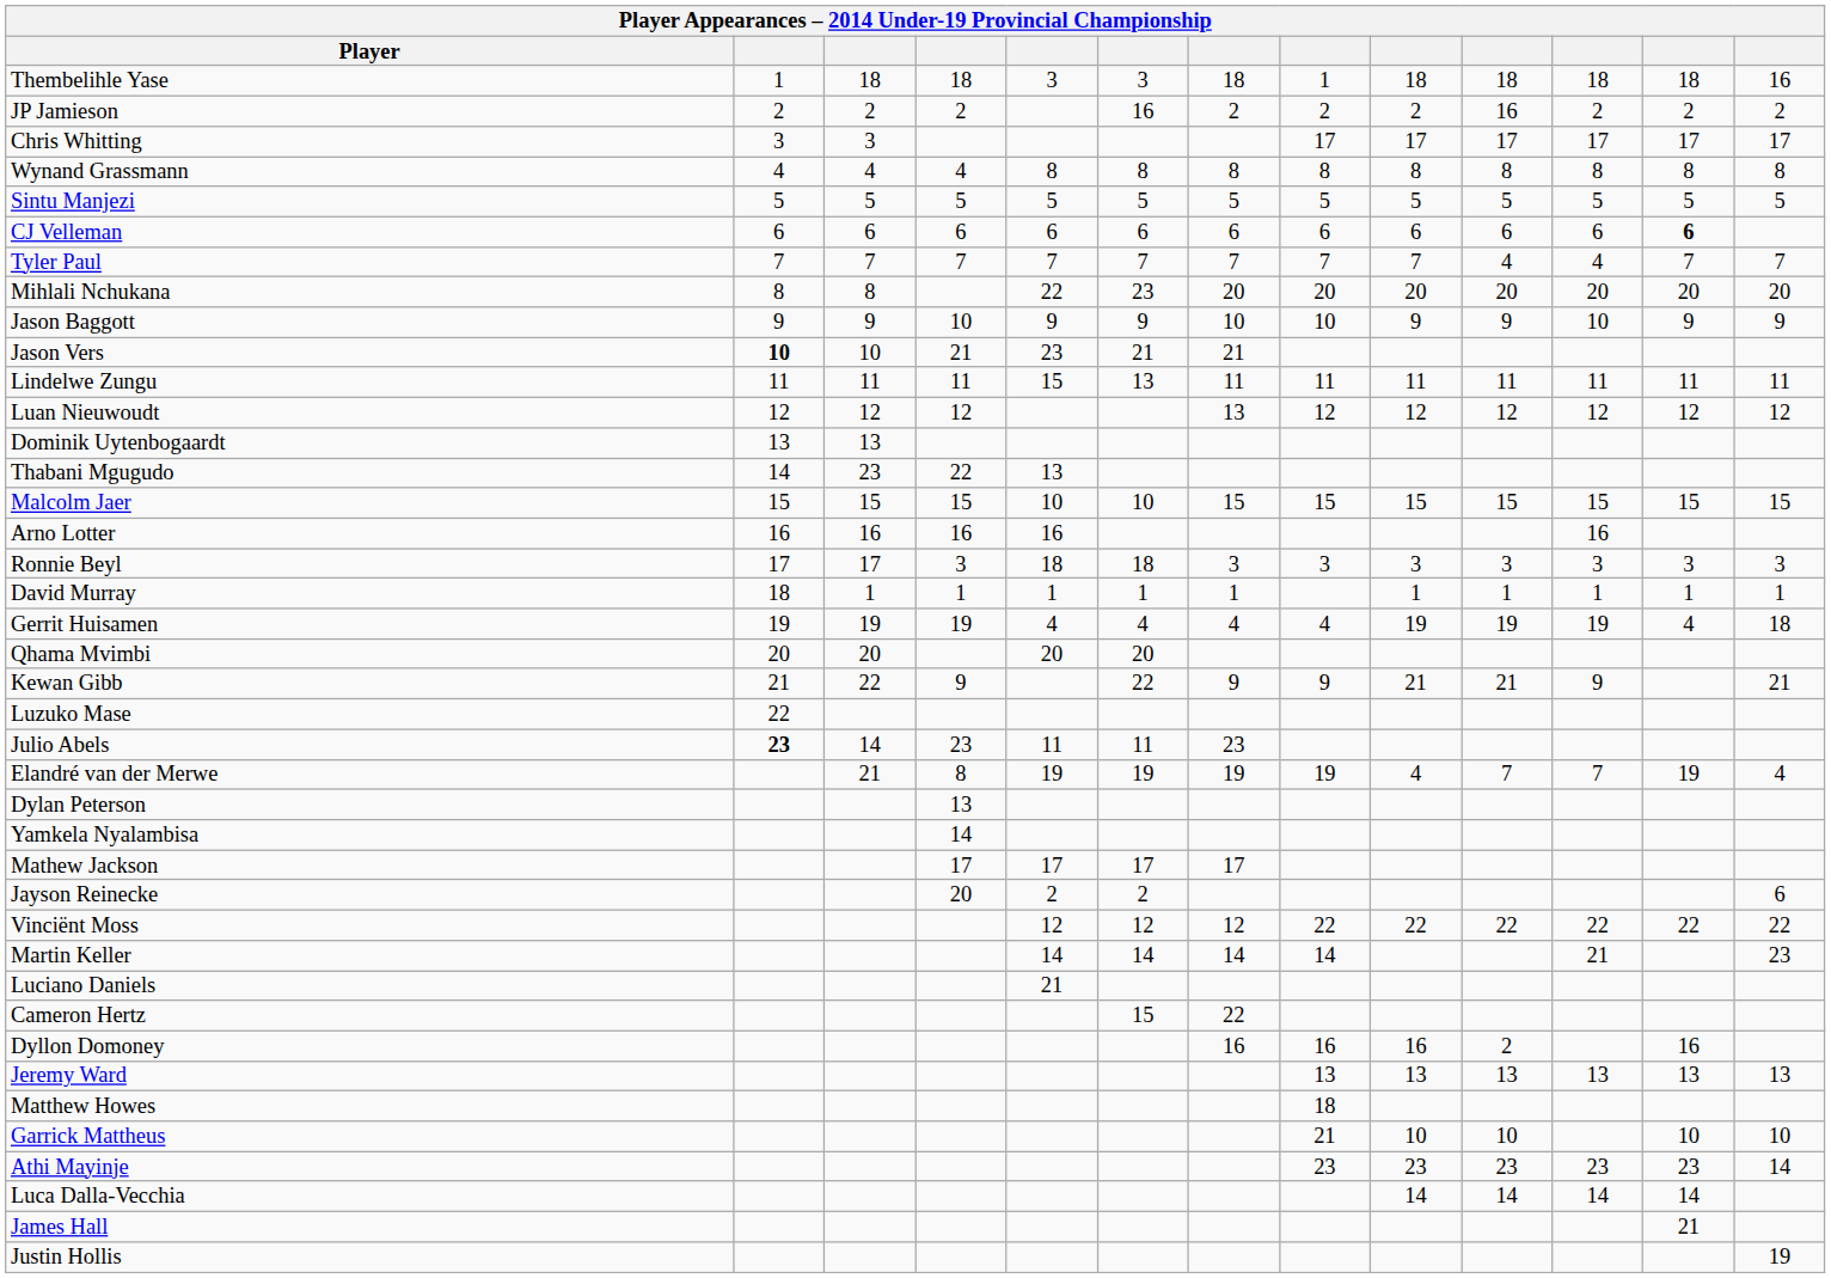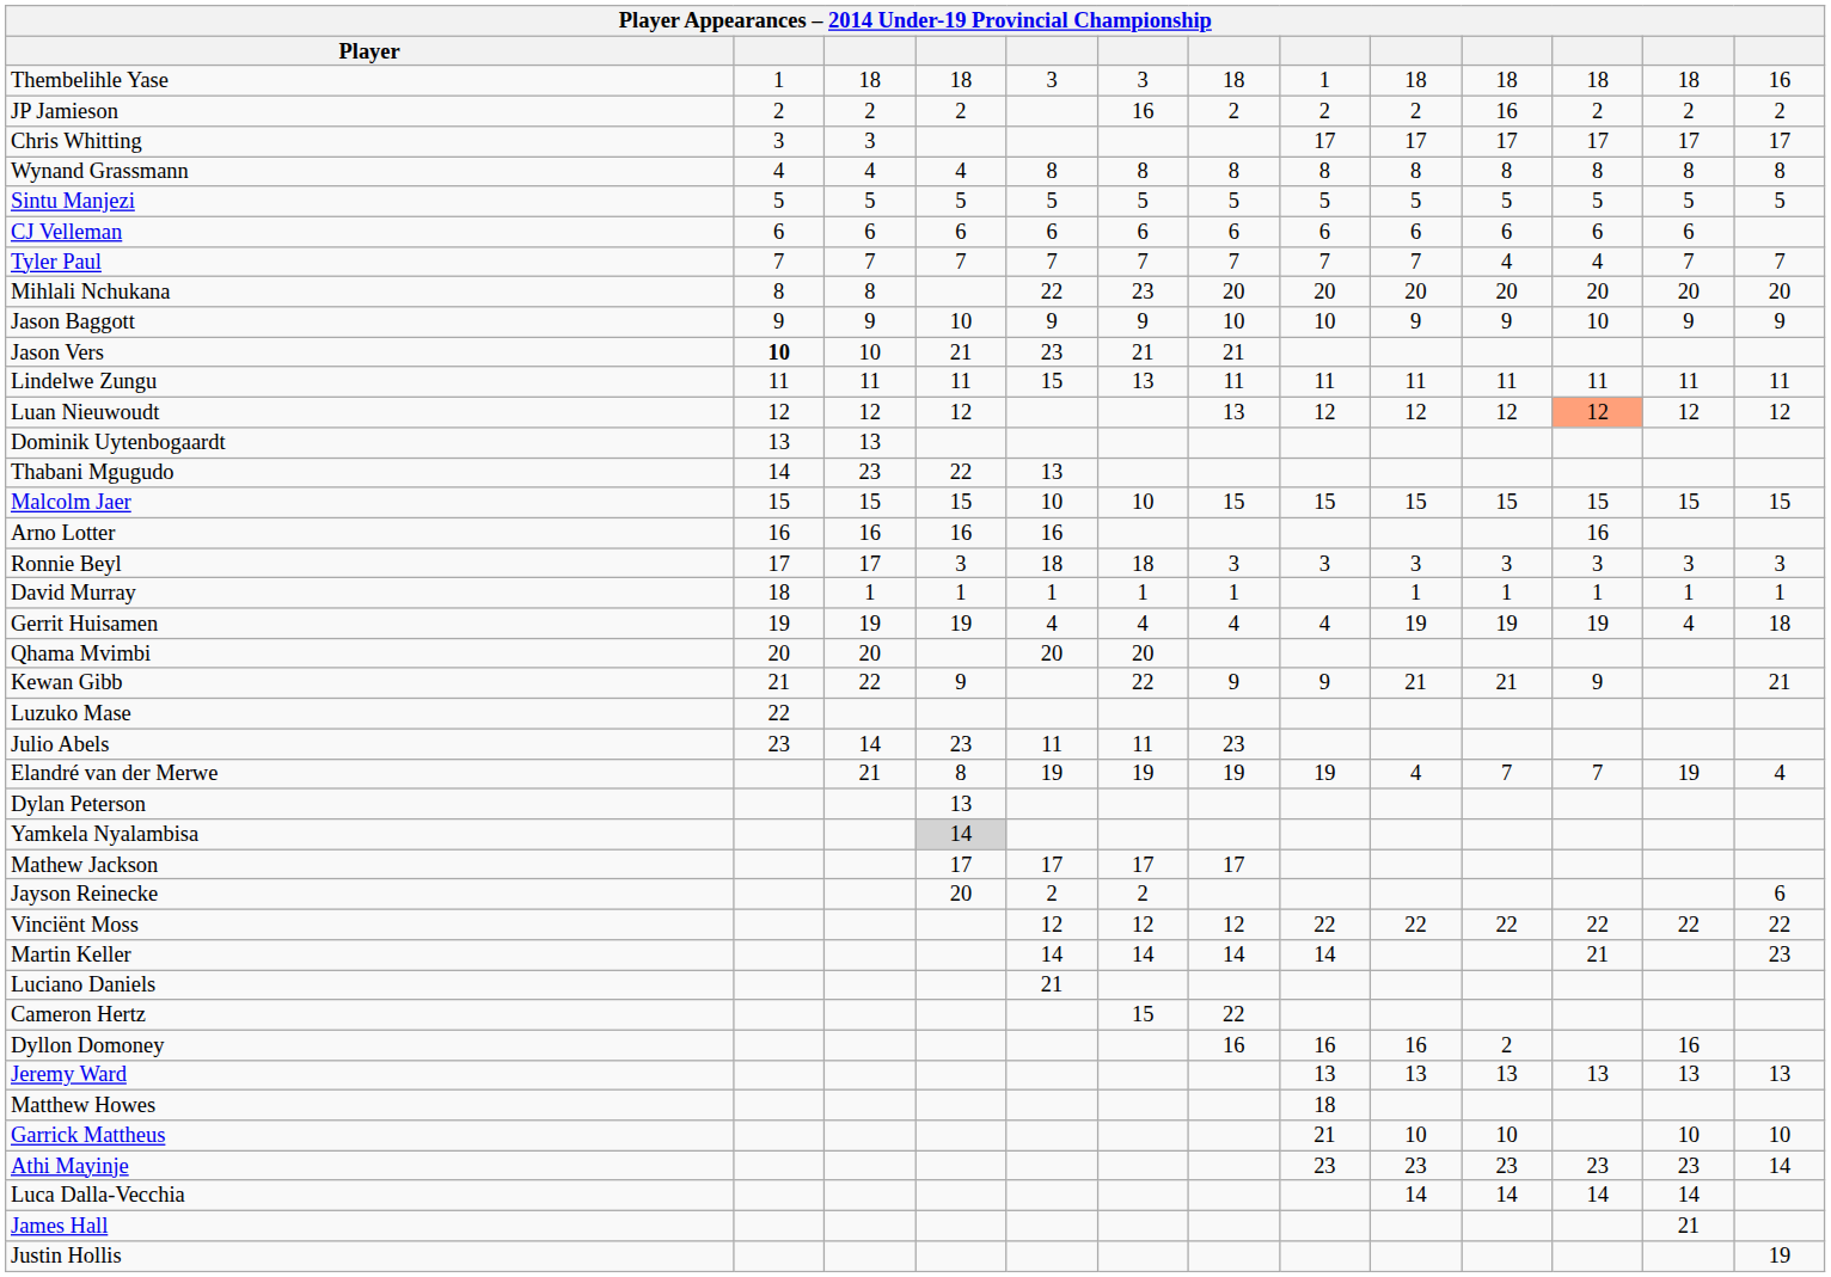 <table class="wikitable sortable"  style="text-align:center; line-height:90%; font-size:90%; width:60%;">
 <tr>
 <th colspan=13>Player Appearances – <a href='#'>2014 Under-19 Provincial Championship</a></th>
 </tr>
 <tr>
 <th style="width:40%;">Player</th>
 <th style="width:5%;"></th>
 <th style="width:5%;"></th>
 <th style="width:5%;"></th>
 <th style="width:5%;"></th>
 <th style="width:5%;"></th>
 <th style="width:5%;"></th>
 <th style="width:5%;"></th>
 <th style="width:5%;"></th>
 <th style="width:5%;"></th>
 <th style="width:5%;"></th>
 <th style="width:5%;"></th>
 <th style="width:5%;"></th>
 </tr>
 <tr>
 <td align=left>Thembelihle Yase</td>
 <td>1</td>
 <td>18 </td>
 <td>18 </td>
 <td>3</td>
 <td>3</td>
 <td>18 </td>
 <td>1</td>
 <td>18 </td>
 <td>18 </td>
 <td>18 </td>
 <td>18 </td>
 <td>16 </td>
 </tr>
 <tr>
 <td align=left>JP Jamieson</td>
 <td>2</td>
 <td>2</td>
 <td>2</td>
 <td></td>
 <td>16 </td>
 <td>2</td>
 <td>2</td>
 <td>2</td>
 <td>16 </td>
 <td>2</td>
 <td>2</td>
 <td>2</td>
 </tr>
 <tr>
 <td align=left>Chris Whitting</td>
 <td>3</td>
 <td>3</td>
 <td></td>
 <td></td>
 <td></td>
 <td></td>
 <td>17</td>
 <td>17 </td>
 <td>17 </td>
 <td>17</td>
 <td>17</td>
 <td>17</td>
 </tr>
 <tr>
 <td align=left>Wynand Grassmann</td>
 <td>4</td>
 <td>4</td>
 <td>4</td>
 <td>8</td>
 <td>8</td>
 <td>8</td>
 <td>8</td>
 <td>8</td>
 <td>8</td>
 <td>8</td>
 <td>8</td>
 <td>8</td>
 </tr>
 <tr>
 <td align=left><a href='#'>Sintu Manjezi</a></td>
 <td>5</td>
 <td>5</td>
 <td>5</td>
 <td>5</td>
 <td>5</td>
 <td>5</td>
 <td>5</td>
 <td>5</td>
 <td>5</td>
 <td>5</td>
 <td>5</td>
 <td>5</td>
 </tr>
 <tr>
 <td align=left><a href='#'>CJ Velleman</a></td>
 <td>6</td>
 <td>6</td>
 <td>6</td>
 <td>6</td>
 <td>6</td>
 <td>6</td>
 <td>6</td>
 <td>6</td>
 <td>6</td>
 <td>6</td>
-<td><strong>6</strong></td>
+<td>6</td>
 <td></td>
 </tr>
 <tr>
 <td align=left><a href='#'>Tyler Paul</a></td>
 <td>7</td>
 <td>7</td>
 <td>7</td>
 <td>7</td>
 <td>7</td>
 <td>7</td>
 <td>7</td>
 <td>7</td>
 <td>4</td>
 <td>4</td>
 <td>7</td>
 <td>7</td>
 </tr>
 <tr>
 <td align=left>Mihlali Nchukana</td>
 <td>8</td>
 <td>8</td>
 <td></td>
 <td>22 </td>
 <td>23 </td>
 <td>20</td>
 <td>20</td>
 <td>20 </td>
 <td>20 </td>
 <td>20</td>
 <td>20 </td>
 <td>20 </td>
 </tr>
 <tr>
 <td align=left>Jason Baggott</td>
 <td>9</td>
 <td>9</td>
 <td>10</td>
 <td>9</td>
 <td>9</td>
 <td>10</td>
 <td>10</td>
 <td>9</td>
 <td>9</td>
 <td>10</td>
 <td>9</td>
 <td>9</td>
 </tr>
 <tr>
 <td align=left>Jason Vers</td>
 <td><strong>10</strong></td>
 <td>10</td>
 <td>21 </td>
 <td>23</td>
 <td>21 </td>
 <td>21</td>
 <td></td>
 <td></td>
 <td></td>
 <td></td>
 <td></td>
 <td></td>
 </tr>
 <tr>
 <td align=left>Lindelwe Zungu</td>
 <td>11</td>
 <td>11</td>
 <td>11</td>
 <td>15</td>
 <td>13</td>
 <td>11</td>
 <td>11</td>
 <td>11</td>
 <td>11</td>
 <td>11</td>
 <td>11</td>
 <td>11</td>
 </tr>
 <tr>
 <td align=left>Luan Nieuwoudt</td>
 <td>12</td>
 <td>12</td>
 <td>12</td>
 <td></td>
 <td></td>
 <td>13</td>
 <td>12</td>
 <td>12</td>
 <td>12</td>
-<td>12</td>
+<td style="background: lightsalmon;">12</td>
 <td>12</td>
 <td>12</td>
 </tr>
 <tr>
 <td align=left>Dominik Uytenbogaardt</td>
 <td>13</td>
 <td>13</td>
 <td></td>
 <td></td>
 <td></td>
 <td></td>
 <td></td>
 <td></td>
 <td></td>
 <td></td>
 <td></td>
 <td></td>
 </tr>
 <tr>
 <td align=left>Thabani Mgugudo</td>
 <td>14</td>
 <td>23 </td>
 <td>22 </td>
 <td>13</td>
 <td></td>
 <td></td>
 <td></td>
 <td></td>
 <td></td>
 <td></td>
 <td></td>
 <td></td>
 </tr>
 <tr>
 <td align=left><a href='#'>Malcolm Jaer</a></td>
 <td>15</td>
 <td>15</td>
 <td>15</td>
 <td>10</td>
 <td>10</td>
 <td>15</td>
 <td>15</td>
 <td>15</td>
 <td>15</td>
 <td>15</td>
 <td>15</td>
 <td>15</td>
 </tr>
 <tr>
 <td align=left>Arno Lotter</td>
 <td>16 </td>
 <td>16</td>
 <td>16 </td>
 <td>16 </td>
 <td></td>
 <td></td>
 <td></td>
 <td></td>
 <td></td>
 <td>16 </td>
 <td></td>
 <td></td>
 </tr>
 <tr>
 <td align=left>Ronnie Beyl</td>
 <td>17 </td>
 <td>17 </td>
 <td>3</td>
 <td>18 </td>
 <td>18 </td>
 <td>3</td>
 <td>3</td>
 <td>3</td>
 <td>3</td>
 <td>3</td>
 <td>3</td>
 <td>3</td>
 </tr>
 <tr>
 <td align=left>David Murray</td>
 <td>18 </td>
 <td>1</td>
 <td>1</td>
 <td>1</td>
 <td>1</td>
 <td>1</td>
 <td></td>
 <td>1</td>
 <td>1</td>
 <td>1</td>
 <td>1</td>
 <td>1</td>
 </tr>
 <tr>
 <td align=left>Gerrit Huisamen</td>
 <td>19 </td>
 <td>19 </td>
 <td>19 </td>
 <td>4</td>
 <td>4</td>
 <td>4</td>
 <td>4</td>
 <td>19 </td>
 <td>19 </td>
 <td>19 </td>
 <td>4</td>
 <td>18 </td>
 </tr>
 <tr>
 <td align=left>Qhama Mvimbi</td>
 <td>20 </td>
 <td>20 </td>
 <td></td>
 <td>20 </td>
 <td>20 </td>
 <td></td>
 <td></td>
 <td></td>
 <td></td>
 <td></td>
 <td></td>
 <td></td>
 </tr>
 <tr>
 <td align=left>Kewan Gibb</td>
 <td>21 </td>
 <td>22 </td>
 <td>9</td>
 <td></td>
 <td>22 </td>
 <td>9</td>
 <td>9</td>
 <td>21</td>
 <td>21 </td>
 <td>9</td>
 <td></td>
 <td>21 </td>
 </tr>
 <tr>
 <td align=left>Luzuko Mase</td>
 <td>22</td>
 <td></td>
 <td></td>
 <td></td>
 <td></td>
 <td></td>
 <td></td>
 <td></td>
 <td></td>
 <td></td>
 <td></td>
 <td></td>
 </tr>
 <tr>
 <td align=left>Julio Abels</td>
-<td><strong>23 </strong></td>
+<td>23 </td>
 <td>14</td>
 <td>23 </td>
 <td>11</td>
 <td>11</td>
 <td>23</td>
 <td></td>
 <td></td>
 <td></td>
 <td></td>
 <td></td>
 <td></td>
 </tr>
 <tr>
 <td align=left>Elandré van der Merwe</td>
 <td></td>
 <td>21 </td>
 <td>8</td>
 <td>19</td>
 <td>19 </td>
 <td>19</td>
 <td>19 </td>
 <td>4</td>
 <td>7</td>
 <td>7</td>
 <td>19 </td>
 <td>4</td>
 </tr>
 <tr>
 <td align=left>Dylan Peterson</td>
 <td></td>
 <td></td>
 <td>13</td>
 <td></td>
 <td></td>
 <td></td>
 <td></td>
 <td></td>
 <td></td>
 <td></td>
 <td></td>
 <td></td>
 </tr>
 <tr>
 <td align=left>Yamkela Nyalambisa</td>
 <td></td>
 <td></td>
-<td>14</td>
+<td style="background: lightgrey;">14</td>
 <td></td>
 <td></td>
 <td></td>
 <td></td>
 <td></td>
 <td></td>
 <td></td>
 <td></td>
 <td></td>
 </tr>
 <tr>
 <td align=left>Mathew Jackson</td>
 <td></td>
 <td></td>
 <td>17 </td>
 <td>17 </td>
 <td>17 </td>
 <td>17 </td>
 <td></td>
 <td></td>
 <td></td>
 <td></td>
 <td></td>
 <td></td>
 </tr>
 <tr>
 <td align=left>Jayson Reinecke</td>
 <td></td>
 <td></td>
 <td>20 </td>
 <td>2</td>
 <td>2</td>
 <td></td>
 <td></td>
 <td></td>
 <td></td>
 <td></td>
 <td></td>
 <td>6</td>
 </tr>
 <tr>
 <td align=left>Vinciënt Moss</td>
 <td></td>
 <td></td>
 <td></td>
 <td>12</td>
 <td>12</td>
 <td>12</td>
 <td>22 </td>
 <td>22 </td>
 <td>22 </td>
 <td>22 </td>
 <td>22</td>
 <td>22 </td>
 </tr>
 <tr>
 <td align=left>Martin Keller</td>
 <td></td>
 <td></td>
 <td></td>
 <td>14</td>
 <td>14</td>
 <td>14</td>
 <td>14</td>
 <td></td>
 <td></td>
 <td>21 </td>
 <td></td>
 <td>23 </td>
 </tr>
 <tr>
 <td align=left>Luciano Daniels</td>
 <td></td>
 <td></td>
 <td></td>
 <td>21</td>
 <td></td>
 <td></td>
 <td></td>
 <td></td>
 <td></td>
 <td></td>
 <td></td>
 <td></td>
 </tr>
 <tr>
 <td align=left>Cameron Hertz</td>
 <td></td>
 <td></td>
 <td></td>
 <td></td>
 <td>15</td>
 <td>22 </td>
 <td></td>
 <td></td>
 <td></td>
 <td></td>
 <td></td>
 <td></td>
 </tr>
 <tr>
 <td align=left>Dyllon Domoney</td>
 <td></td>
 <td></td>
 <td></td>
 <td></td>
 <td></td>
 <td>16 </td>
 <td>16 </td>
 <td>16 </td>
 <td>2</td>
 <td></td>
 <td>16 </td>
 <td></td>
 </tr>
 <tr>
 <td align=left><a href='#'>Jeremy Ward</a></td>
 <td></td>
 <td></td>
 <td></td>
 <td></td>
 <td></td>
 <td></td>
 <td>13</td>
 <td>13</td>
 <td>13</td>
 <td>13</td>
 <td>13</td>
 <td>13</td>
 </tr>
 <tr>
 <td align=left>Matthew Howes</td>
 <td></td>
 <td></td>
 <td></td>
 <td></td>
 <td></td>
 <td></td>
 <td>18 </td>
 <td></td>
 <td></td>
 <td></td>
 <td></td>
 <td></td>
 </tr>
 <tr>
 <td align=left><a href='#'>Garrick Mattheus</a></td>
 <td></td>
 <td></td>
 <td></td>
 <td></td>
 <td></td>
 <td></td>
 <td>21 </td>
 <td>10</td>
 <td>10</td>
 <td></td>
 <td>10</td>
 <td>10</td>
 </tr>
 <tr>
 <td align=left><a href='#'>Athi Mayinje</a></td>
 <td></td>
 <td></td>
 <td></td>
 <td></td>
 <td></td>
 <td></td>
 <td>23 </td>
 <td>23 </td>
 <td>23 </td>
 <td>23 </td>
 <td>23</td>
 <td>14</td>
 </tr>
 <tr>
 <td align=left>Luca Dalla-Vecchia</td>
 <td></td>
 <td></td>
 <td></td>
 <td></td>
 <td></td>
 <td></td>
 <td></td>
 <td>14</td>
 <td>14</td>
 <td>14</td>
 <td>14</td>
 <td></td>
 </tr>
 <tr>
 <td align=left><a href='#'>James Hall</a></td>
 <td></td>
 <td></td>
 <td></td>
 <td></td>
 <td></td>
 <td></td>
 <td></td>
 <td></td>
 <td></td>
 <td></td>
 <td>21 </td>
 <td></td>
 </tr>
 <tr>
 <td align=left>Justin Hollis</td>
 <td></td>
 <td></td>
 <td></td>
 <td></td>
 <td></td>
 <td></td>
 <td></td>
 <td></td>
 <td></td>
 <td></td>
 <td></td>
 <td>19 </td>
 </tr>
 </table>
